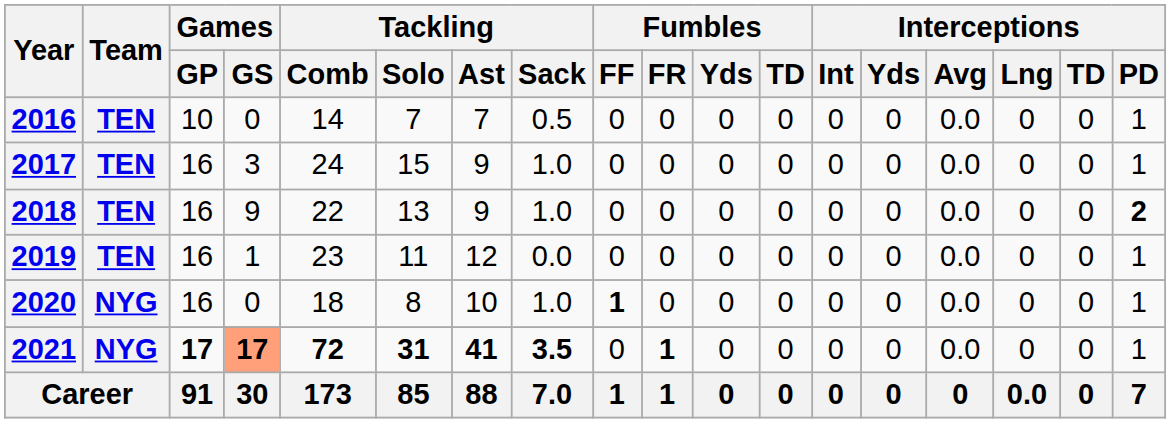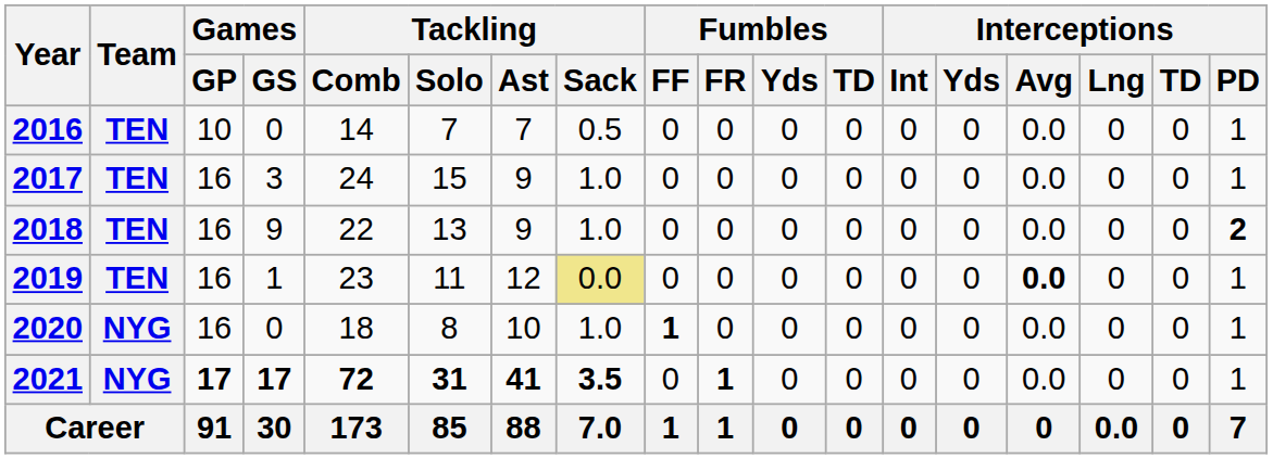 <table class= "wikitable" style="text-align:center;">
 <tr>
 <th rowspan="2">Year</th>
 <th rowspan="2">Team</th>
 <th colspan="2">Games</th>
 <th colspan="4">Tackling</th>
 <th colspan="4">Fumbles</th>
 <th colspan="6">Interceptions</th>
 </tr>
 <tr>
 <th>GP</th>
 <th>GS</th>
 <th>Comb</th>
 <th>Solo</th>
 <th>Ast</th>
 <th>Sack</th>
 <th>FF</th>
 <th>FR</th>
 <th>Yds</th>
 <th>TD</th>
 <th>Int</th>
 <th>Yds</th>
 <th>Avg</th>
 <th>Lng</th>
 <th>TD</th>
 <th>PD</th>
 </tr>
 <tr>
 <th><a href='#'>2016</a></th>
 <th><a href='#'>TEN</a></th>
 <td>10</td>
 <td>0</td>
 <td>14</td>
 <td>7</td>
 <td>7</td>
 <td>0.5</td>
 <td>0</td>
 <td>0</td>
 <td>0</td>
 <td>0</td>
 <td>0</td>
 <td>0</td>
 <td>0.0</td>
 <td>0</td>
 <td>0</td>
 <td>1</td>
 </tr>
 <tr>
 <th><a href='#'>2017</a></th>
 <th><a href='#'>TEN</a></th>
 <td>16</td>
 <td>3</td>
 <td>24</td>
 <td>15</td>
 <td>9</td>
 <td>1.0</td>
 <td>0</td>
 <td>0</td>
 <td>0</td>
 <td>0</td>
 <td>0</td>
 <td>0</td>
 <td>0.0</td>
 <td>0</td>
 <td>0</td>
 <td>1</td>
 </tr>
 <tr>
 <th><a href='#'>2018</a></th>
 <th><a href='#'>TEN</a></th>
 <td>16</td>
 <td>9</td>
 <td>22</td>
 <td>13</td>
 <td>9</td>
 <td>1.0</td>
 <td>0</td>
 <td>0</td>
 <td>0</td>
 <td>0</td>
 <td>0</td>
 <td>0</td>
 <td>0.0</td>
 <td>0</td>
 <td>0</td>
 <td><strong>2</strong></td>
 </tr>
 <tr>
 <th><a href='#'>2019</a></th>
 <th><a href='#'>TEN</a></th>
 <td>16</td>
 <td>1</td>
 <td>23</td>
 <td>11</td>
 <td>12</td>
-<td>0.0</td>
+<td style="background: khaki;">0.0</td>
 <td>0</td>
 <td>0</td>
 <td>0</td>
 <td>0</td>
 <td>0</td>
 <td>0</td>
-<td>0.0</td>
+<td><strong>0.0</strong></td>
 <td>0</td>
 <td>0</td>
 <td>1</td>
 </tr>
 <tr>
 <th><a href='#'>2020</a></th>
 <th><a href='#'>NYG</a></th>
 <td>16</td>
 <td>0</td>
 <td>18</td>
 <td>8</td>
 <td>10</td>
 <td>1.0</td>
 <td><strong>1</strong></td>
 <td>0</td>
 <td>0</td>
 <td>0</td>
 <td>0</td>
 <td>0</td>
 <td>0.0</td>
 <td>0</td>
 <td>0</td>
 <td>1</td>
 </tr>
 <tr>
 <th><a href='#'>2021</a></th>
 <th><a href='#'>NYG</a></th>
 <td><strong>17</strong></td>
-<td style="background: lightsalmon;"><strong>17</strong></td>
+<td><strong>17</strong></td>
 <td><strong>72</strong></td>
 <td><strong>31</strong></td>
 <td><strong>41</strong></td>
 <td><strong>3.5</strong></td>
 <td>0</td>
 <td><strong>1</strong></td>
 <td>0</td>
 <td>0</td>
 <td>0</td>
 <td>0</td>
 <td>0.0</td>
 <td>0</td>
 <td>0</td>
 <td>1</td>
 </tr>
 <tr>
 <th colspan="2">Career</th>
 <th>91</th>
 <th>30</th>
 <th>173</th>
 <th>85</th>
 <th>88</th>
 <th>7.0</th>
 <th>1</th>
 <th>1</th>
 <th>0</th>
 <th>0</th>
 <th>0</th>
 <th>0</th>
 <th>0</th>
 <th>0.0</th>
 <th>0</th>
 <th>7</th>
 </tr>
 </table>
